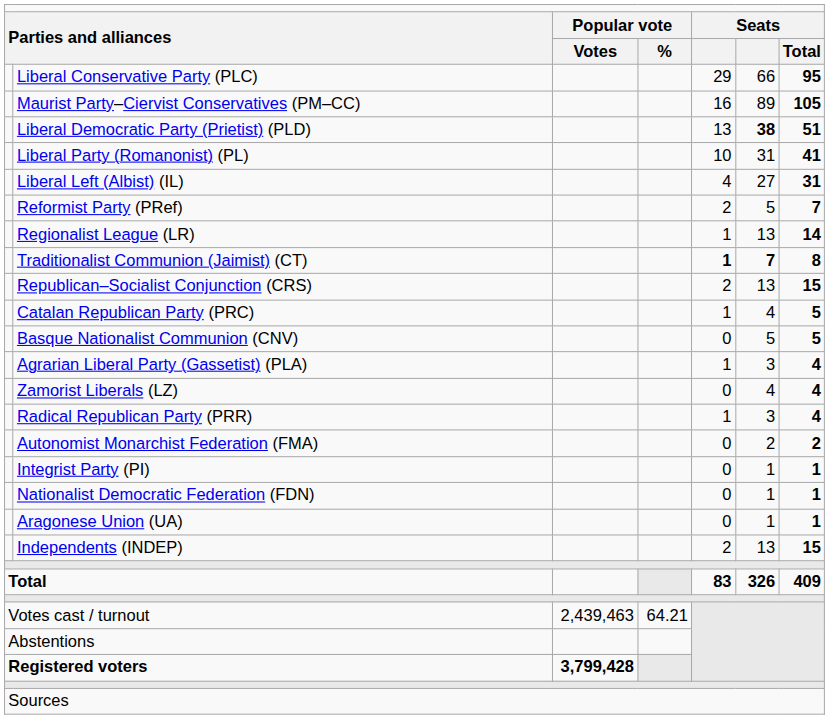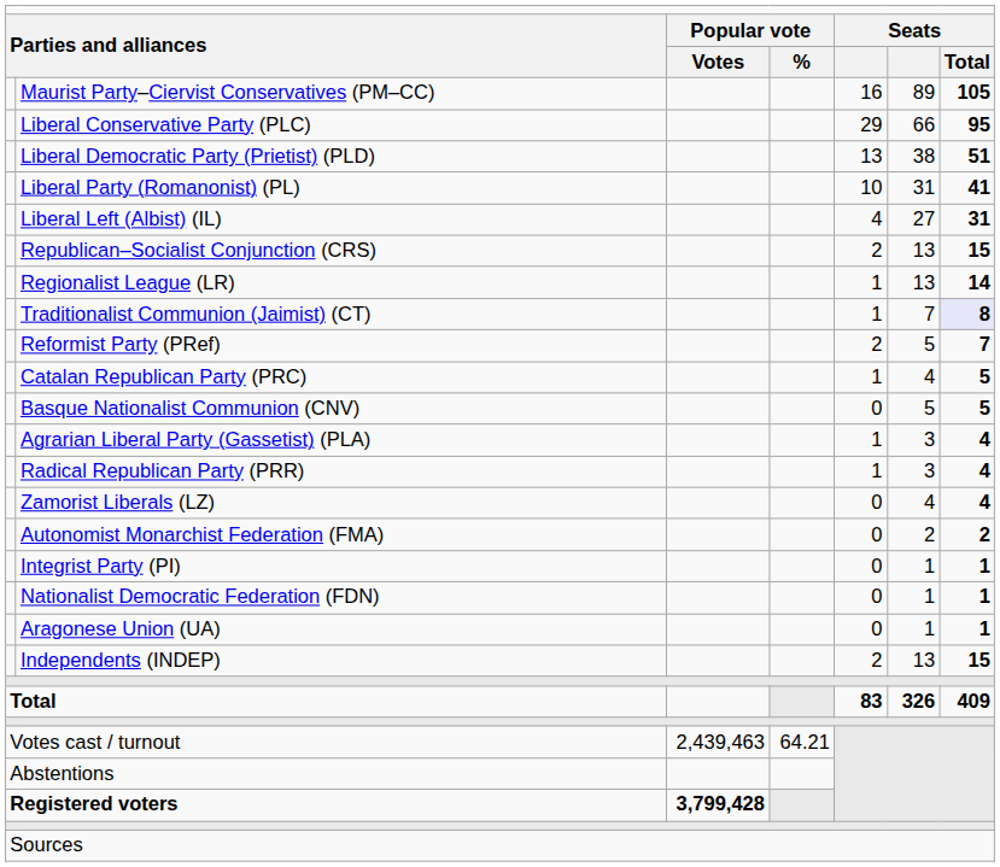 <table class="wikitable" style="text-align:right;">
 <tr>
 <td colspan="7"></td>
 </tr>
 <tr>
 <th style="text-align:left;" rowspan="2" colspan="2" width="525">Parties and alliances</th>
 <th colspan="2">Popular vote</th>
 <th colspan="3">Seats</th>
 </tr>
 <tr>
 <th width="75">Votes</th>
 <th width="45">%</th>
 <th width="35"></th>
 <th width="35"></th>
 <th width="35">Total</th>
 </tr>
 <tr>
-<td style="color:inherit;background:"></td>
-<td align="left"><a href='#'>Liberal Conservative Party</a> (PLC)</td>
-<td></td>
-<td></td>
-<td>29</td>
-<td>66</td>
-<td><strong>95</strong></td>
-</tr>
-<tr>
 <td width="1" style="color:inherit;background:"></td>
 <td align="left"><a href='#'>Maurist Party</a>–<a href='#'>Ciervist Conservatives</a> (PM–CC)</td>
 <td></td>
 <td></td>
 <td>16</td>
 <td>89</td>
 <td><strong>105</strong></td>
 </tr>
 <tr>
 <td style="color:inherit;background:"></td>
+<td align="left"><a href='#'>Liberal Conservative Party</a> (PLC)</td>
+<td></td>
+<td></td>
+<td>29</td>
+<td>66</td>
+<td><strong>95</strong></td>
+</tr>
+<tr>
+<td style="color:inherit;background:"></td>
 <td align="left"><a href='#'>Liberal Democratic Party (Prietist)</a> (PLD)</td>
 <td></td>
 <td></td>
 <td>13</td>
-<td><strong>38</strong></td>
+<td>38</td>
 <td><strong>51</strong></td>
 </tr>
 <tr>
 <td style="color:inherit;background:"></td>
 <td align="left"><a href='#'>Liberal Party (Romanonist)</a> (PL)</td>
 <td></td>
 <td></td>
 <td>10</td>
 <td>31</td>
 <td><strong>41</strong></td>
 </tr>
 <tr>
 <td style="color:inherit;background:"></td>
 <td align="left"><a href='#'>Liberal Left (Albist)</a> (IL)</td>
 <td></td>
 <td></td>
 <td>4</td>
 <td>27</td>
 <td><strong>31</strong></td>
 </tr>
 <tr>
 <td style="color:inherit;background:"></td>
-<td align="left"><a href='#'>Reformist Party</a> (PRef)</td>
+<td align="left"><a href='#'>Republican–Socialist Conjunction</a> (CRS)</td>
 <td></td>
 <td></td>
 <td>2</td>
-<td>5</td>
-<td><strong>7</strong></td>
+<td>13</td>
+<td><strong>15</strong></td>
 </tr>
 <tr>
 <td style="color:inherit;background:"></td>
 <td align="left"><a href='#'>Regionalist League</a> (LR)</td>
 <td></td>
 <td></td>
 <td>1</td>
 <td>13</td>
 <td><strong>14</strong></td>
 </tr>
 <tr>
 <td style="color:inherit;background:"></td>
 <td align="left"><a href='#'>Traditionalist Communion (Jaimist)</a> (CT)</td>
 <td></td>
 <td></td>
-<td><strong>1</strong></td>
-<td><strong>7</strong></td>
-<td><strong>8</strong></td>
+<td>1</td>
+<td>7</td>
+<td style="background: lavender;"><strong>8</strong></td>
 </tr>
 <tr>
 <td style="color:inherit;background:"></td>
-<td align="left"><a href='#'>Republican–Socialist Conjunction</a> (CRS)</td>
+<td align="left"><a href='#'>Reformist Party</a> (PRef)</td>
 <td></td>
 <td></td>
 <td>2</td>
-<td>13</td>
-<td><strong>15</strong></td>
+<td>5</td>
+<td><strong>7</strong></td>
 </tr>
 <tr>
 <td style="color:inherit;background:"></td>
 <td align="left"><a href='#'>Catalan Republican Party</a> (PRC)</td>
 <td></td>
 <td></td>
 <td>1</td>
 <td>4</td>
 <td><strong>5</strong></td>
 </tr>
 <tr>
 <td style="color:inherit;background:"></td>
 <td align="left"><a href='#'>Basque Nationalist Communion</a> (CNV)</td>
 <td></td>
 <td></td>
 <td>0</td>
 <td>5</td>
 <td><strong>5</strong></td>
 </tr>
 <tr>
 <td style="color:inherit;background:"></td>
 <td align="left"><a href='#'>Agrarian Liberal Party (Gassetist)</a> (PLA)</td>
 <td></td>
 <td></td>
 <td>1</td>
 <td>3</td>
 <td><strong>4</strong></td>
 </tr>
 <tr>
 <td style="color:inherit;background:"></td>
+<td align="left"><a href='#'>Radical Republican Party</a> (PRR)</td>
+<td></td>
+<td></td>
+<td>1</td>
+<td>3</td>
+<td><strong>4</strong></td>
+</tr>
+<tr>
+<td style="color:inherit;background:"></td>
 <td align="left"><a href='#'>Zamorist Liberals</a> (LZ)</td>
 <td></td>
 <td></td>
 <td>0</td>
 <td>4</td>
-<td><strong>4</strong></td>
-</tr>
-<tr>
-<td style="color:inherit;background:"></td>
-<td align="left"><a href='#'>Radical Republican Party</a> (PRR)</td>
-<td></td>
-<td></td>
-<td>1</td>
-<td>3</td>
 <td><strong>4</strong></td>
 </tr>
 <tr>
 <td style="color:inherit;background:"></td>
 <td align="left"><a href='#'>Autonomist Monarchist Federation</a> (FMA)</td>
 <td></td>
 <td></td>
 <td>0</td>
 <td>2</td>
 <td><strong>2</strong></td>
 </tr>
 <tr>
 <td style="color:inherit;background:"></td>
 <td align="left"><a href='#'>Integrist Party</a> (PI)</td>
 <td></td>
 <td></td>
 <td>0</td>
 <td>1</td>
 <td><strong>1</strong></td>
 </tr>
 <tr>
 <td style="color:inherit;background:"></td>
 <td align="left"><a href='#'>Nationalist Democratic Federation</a> (FDN)</td>
 <td></td>
 <td></td>
 <td>0</td>
 <td>1</td>
 <td><strong>1</strong></td>
 </tr>
 <tr>
 <td style="color:inherit;background:"></td>
 <td align="left"><a href='#'>Aragonese Union</a> (UA)</td>
 <td></td>
 <td></td>
 <td>0</td>
 <td>1</td>
 <td><strong>1</strong></td>
 </tr>
 <tr>
 <td style="color:inherit;background:"></td>
 <td align="left"><a href='#'>Independents</a> (INDEP)</td>
 <td></td>
 <td></td>
 <td>2</td>
 <td>13</td>
 <td><strong>15</strong></td>
 </tr>
 <tr>
 <td colspan="7" bgcolor="#E9E9E9"></td>
 </tr>
 <tr style="font-weight:bold;">
 <td align="left" colspan="2">Total</td>
 <td></td>
 <td bgcolor="#E9E9E9"></td>
 <td>83</td>
 <td>326</td>
 <td>409</td>
 </tr>
 <tr>
 <td colspan="7" bgcolor="#E9E9E9"></td>
 </tr>
 <tr>
 <td align="left" colspan="2">Votes cast / turnout</td>
 <td>2,439,463</td>
 <td>64.21</td>
 <td bgcolor="#E9E9E9" colspan="3" rowspan="3"></td>
 </tr>
 <tr>
 <td align="left" colspan="2">Abstentions</td>
 <td></td>
 <td></td>
 </tr>
 <tr style="font-weight:bold;">
 <td align="left" colspan="2">Registered voters</td>
 <td>3,799,428</td>
 <td bgcolor="#E9E9E9"></td>
 </tr>
 <tr>
 <td colspan="7" bgcolor="#E9E9E9"></td>
 </tr>
 <tr>
 <td align="left" colspan="7">Sources</td>
 </tr>
 </table>
